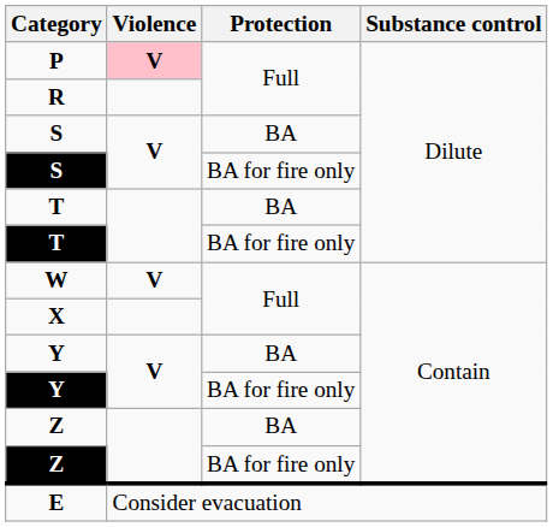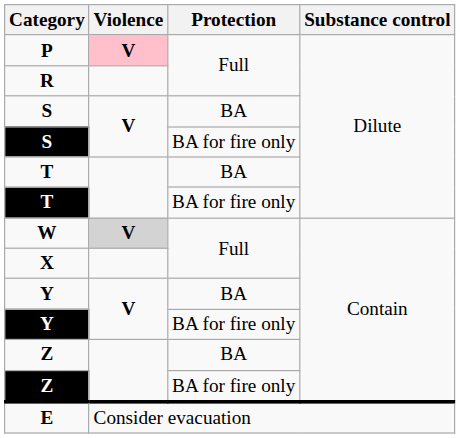 <table class="wikitable">
 <tr>
 <th>Category</th>
 <th>Violence</th>
 <th>Protection</th>
 <th>Substance control</th>
 </tr>
 <tr>
 <td align="center"><strong>P</strong></td>
 <td align="center" style="background: pink;"><strong>V</strong></td>
 <td align="center" rowspan="2">Full</td>
 <td align="center" rowspan="6">Dilute</td>
 </tr>
 <tr>
 <td align="center"><strong>R</strong></td>
 <td></td>
 </tr>
 <tr>
 <td align="center"><strong>S</strong></td>
 <td align="center" rowspan="2"><strong>V</strong></td>
 <td align="center">BA</td>
 </tr>
 <tr>
 <td align="center" style="background: #000000; color: #FFFFFF;"><strong>S</strong></td>
 <td align="center">BA for fire only</td>
 </tr>
 <tr>
 <td align="center"><strong>T</strong></td>
 <td align="center" rowspan="2"></td>
 <td align="center">BA</td>
 </tr>
 <tr>
 <td align="center" style="background: #000000; color: #FFFFFF;"><strong>T</strong></td>
 <td align="center">BA for fire only</td>
 </tr>
 <tr>
 <td align="center"><strong>W</strong></td>
-<td align="center"><strong>V</strong></td>
+<td align="center" style="background: lightgrey;"><strong>V</strong></td>
 <td align="center" rowspan="2">Full</td>
 <td align="center" rowspan="6">Contain</td>
 </tr>
 <tr>
 <td align="center"><strong>X</strong></td>
 <td></td>
 </tr>
 <tr>
 <td align="center"><strong>Y</strong></td>
 <td align="center" rowspan="2"><strong>V</strong></td>
 <td align="center">BA</td>
 </tr>
 <tr>
 <td align="center" style="background: #000000; color: #FFFFFF;"><strong>Y</strong></td>
 <td align="center">BA for fire only</td>
 </tr>
 <tr>
 <td align="center"><strong>Z</strong></td>
 <td align="center" rowspan="2"></td>
 <td align="center">BA</td>
 </tr>
 <tr>
 <td align="center" style="background: #000000; color: #FFFFFF;"><strong>Z</strong></td>
 <td align="center">BA for fire only</td>
 </tr>
 <tr>
 <td align="center" style="border-top: solid medium;"><strong>E</strong></td>
 <td align="left" style="border-top: solid medium;" colspan="3">Consider evacuation</td>
 </tr>
 </table>
